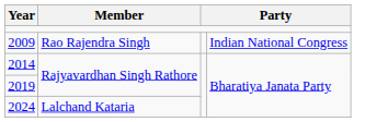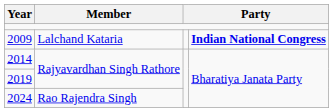 <table class="wikitable">
 <tr>
 <th>Year</th>
 <th>Member</th>
 <th colspan=2>Party</th>
 </tr>
 <tr>
 <td colspan="4"></td>
 </tr>
 <tr>
 <td><a href='#'>2009</a></td>
-<td><a href='#'>Rao Rajendra Singh</a></td>
+<td><a href='#'>Lalchand Kataria</a></td>
 <td style="background-color: "></td>
-<td><a href='#'>Indian National Congress</a></td>
+<td><strong><a href='#'>Indian National Congress</a></strong></td>
 </tr>
 <tr>
 <td><a href='#'>2014</a></td>
 <td rowspan="2"><a href='#'>Rajyavardhan Singh Rathore</a></td>
 <td rowspan="3" style="background-color: "></td>
 <td rowspan="3"><a href='#'>Bharatiya Janata Party</a></td>
 </tr>
 <tr>
 <td><a href='#'>2019</a></td>
 </tr>
 <tr>
 <td><a href='#'>2024</a></td>
-<td><a href='#'>Lalchand Kataria</a></td>
+<td><a href='#'>Rao Rajendra Singh</a></td>
 </tr>
 </table>
